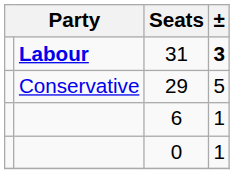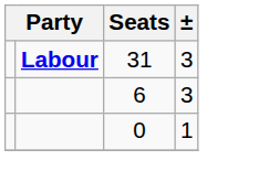 <table class="sortable wikitable">
 <tr>
 <th colspan="2">Party</th>
 <th>Seats</th>
 <th>±</th>
 </tr>
 <tr>
 <td style="background-color: "></td>
 <td><strong><a href='#'>Labour</a></strong></td>
 <td align="center">31</td>
-<td align="center"><strong>3</strong></td>
-</tr>
-<tr>
-<td style="background-color: "></td>
-<td><a href='#'>Conservative</a></td>
-<td align="center">29</td>
-<td align="center">5</td>
+<td align="center">3</td>
 </tr>
 <tr>
 <td style="background-color: "></td>
 <td><a href='#'></a></td>
 <td align="center">6</td>
-<td align="center">1</td>
+<td align="center">3</td>
 </tr>
 <tr>
 <td style="background-color: "></td>
 <td><a href='#'></a></td>
 <td align="center">0</td>
 <td align="center">1</td>
 </tr>
 <tr>
 </tr>
 </table>
